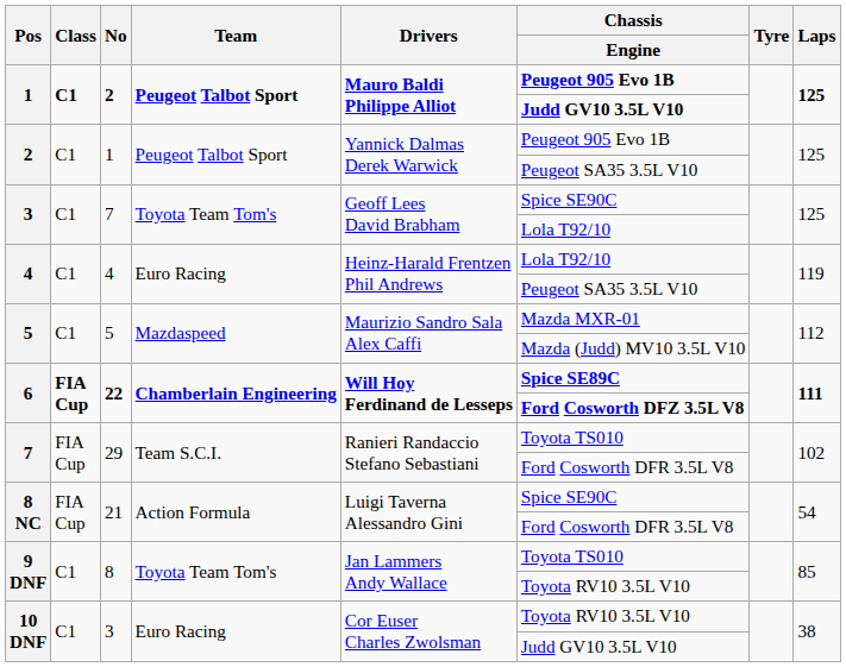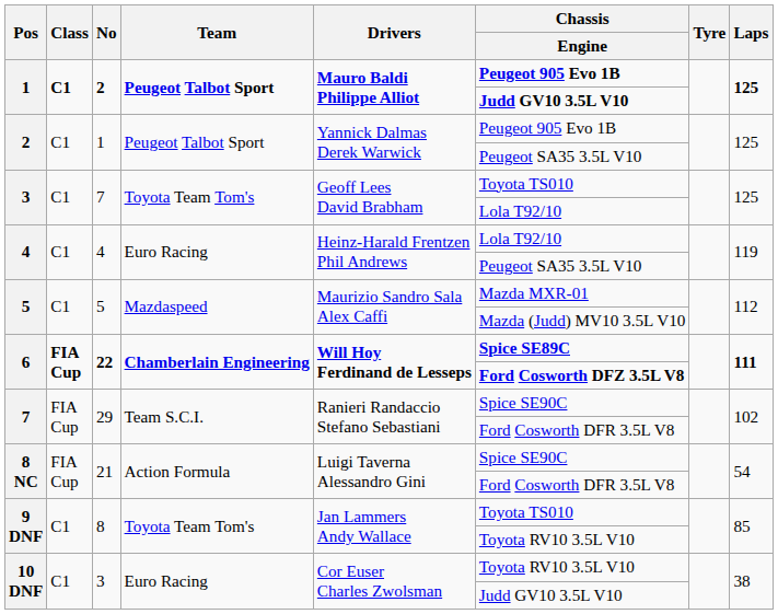 <table class="wikitable" style="font-size: 95%;">
 <tr>
 <th rowspan=2>Pos</th>
 <th rowspan=2>Class</th>
 <th rowspan=2>No</th>
 <th rowspan=2>Team</th>
 <th rowspan=2>Drivers</th>
 <th>Chassis</th>
 <th rowspan=2>Tyre</th>
 <th rowspan=2>Laps</th>
 </tr>
 <tr>
 <th>Engine</th>
 </tr>
 <tr style="font-weight:bold">
 <th rowspan=2>1</th>
 <td rowspan=2>C1</td>
 <td rowspan=2>2</td>
 <td rowspan=2> <a href='#'>Peugeot</a> <a href='#'>Talbot</a> Sport</td>
 <td rowspan=2> <a href='#'>Mauro Baldi</a><br> <a href='#'>Philippe Alliot</a></td>
 <td><a href='#'>Peugeot 905</a> Evo 1B</td>
 <td rowspan=2></td>
 <td rowspan=2>125</td>
 </tr>
 <tr style="font-weight:bold">
 <td><a href='#'>Judd</a> GV10 3.5L V10</td>
 </tr>
 <tr>
 <th rowspan=2>2</th>
 <td rowspan=2>C1</td>
 <td rowspan=2>1</td>
 <td rowspan=2> <a href='#'>Peugeot</a> <a href='#'>Talbot</a> Sport</td>
 <td rowspan=2> <a href='#'>Yannick Dalmas</a><br> <a href='#'>Derek Warwick</a></td>
 <td><a href='#'>Peugeot 905</a> Evo 1B</td>
 <td rowspan=2></td>
 <td rowspan=2>125</td>
 </tr>
 <tr>
 <td><a href='#'>Peugeot</a> SA35 3.5L V10</td>
 </tr>
 <tr>
 <th rowspan=2>3</th>
 <td rowspan=2>C1</td>
 <td rowspan=2>7</td>
 <td rowspan=2> <a href='#'>Toyota</a> Team <a href='#'>Tom's</a></td>
 <td rowspan=2> <a href='#'>Geoff Lees</a><br> <a href='#'>David Brabham</a></td>
-<td><a href='#'>Spice SE90C</a></td>
+<td><a href='#'>Toyota TS010</a></td>
 <td rowspan=2></td>
 <td rowspan=2>125</td>
 </tr>
 <tr>
 <td><a href='#'>Lola T92/10</a></td>
 </tr>
 <tr>
 <th rowspan=2>4</th>
 <td rowspan=2>C1</td>
 <td rowspan=2>4</td>
 <td rowspan=2> Euro Racing</td>
 <td rowspan=2> <a href='#'>Heinz-Harald Frentzen</a><br> <a href='#'>Phil Andrews</a></td>
 <td><a href='#'>Lola T92/10</a></td>
 <td rowspan=2></td>
 <td rowspan=2>119</td>
 </tr>
 <tr>
 <td><a href='#'>Peugeot</a> SA35 3.5L V10</td>
 </tr>
 <tr>
 <th rowspan=2>5</th>
 <td rowspan=2>C1</td>
 <td rowspan=2>5</td>
 <td rowspan=2> <a href='#'>Mazdaspeed</a></td>
 <td rowspan=2> <a href='#'>Maurizio Sandro Sala</a><br> <a href='#'>Alex Caffi</a></td>
 <td><a href='#'>Mazda MXR-01</a></td>
 <td rowspan=2></td>
 <td rowspan=2>112</td>
 </tr>
 <tr>
 <td><a href='#'>Mazda</a> (<a href='#'>Judd</a>) MV10 3.5L V10</td>
 </tr>
 <tr style="font-weight:bold">
 <th rowspan=2>6</th>
 <td rowspan=2>FIA<br>Cup</td>
 <td rowspan=2>22</td>
 <td rowspan=2> <a href='#'>Chamberlain Engineering</a></td>
 <td rowspan=2> <a href='#'>Will Hoy</a><br> Ferdinand de Lesseps</td>
 <td><a href='#'>Spice SE89C</a></td>
 <td rowspan=2></td>
 <td rowspan=2>111</td>
 </tr>
 <tr style="font-weight:bold">
 <td><a href='#'>Ford</a> <a href='#'>Cosworth</a> DFZ 3.5L V8</td>
 </tr>
 <tr>
 <th rowspan=2>7</th>
 <td rowspan=2>FIA<br>Cup</td>
 <td rowspan=2>29</td>
 <td rowspan=2> Team S.C.I.</td>
 <td rowspan=2> Ranieri Randaccio<br> Stefano Sebastiani</td>
-<td><a href='#'>Toyota TS010</a></td>
+<td><a href='#'>Spice SE90C</a></td>
 <td rowspan=2></td>
 <td rowspan=2>102</td>
 </tr>
 <tr>
 <td><a href='#'>Ford</a> <a href='#'>Cosworth</a> DFR 3.5L V8</td>
 </tr>
 <tr>
 <th rowspan=2>8<br>NC</th>
 <td rowspan=2>FIA<br>Cup</td>
 <td rowspan=2>21</td>
 <td rowspan=2> Action Formula</td>
 <td rowspan=2> Luigi Taverna<br> Alessandro Gini</td>
 <td><a href='#'>Spice SE90C</a></td>
 <td rowspan=2></td>
 <td rowspan=2>54</td>
 </tr>
 <tr>
 <td><a href='#'>Ford</a> <a href='#'>Cosworth</a> DFR 3.5L V8</td>
 </tr>
 <tr>
 <th rowspan=2>9<br>DNF</th>
 <td rowspan=2>C1</td>
 <td rowspan=2>8</td>
 <td rowspan=2> <a href='#'>Toyota</a> Team Tom's</td>
 <td rowspan=2> <a href='#'>Jan Lammers</a><br> <a href='#'>Andy Wallace</a></td>
 <td><a href='#'>Toyota TS010</a></td>
 <td rowspan=2></td>
 <td rowspan=2>85</td>
 </tr>
 <tr>
 <td><a href='#'>Toyota</a> RV10 3.5L V10</td>
 </tr>
 <tr>
 <th rowspan=2>10<br>DNF</th>
 <td rowspan=2>C1</td>
 <td rowspan=2>3</td>
 <td rowspan=2> Euro Racing</td>
 <td rowspan=2> <a href='#'>Cor Euser</a><br> <a href='#'>Charles Zwolsman</a></td>
 <td><a href='#'>Toyota</a> RV10 3.5L V10</td>
 <td rowspan=2></td>
 <td rowspan=2>38</td>
 </tr>
 <tr>
 <td><a href='#'>Judd</a> GV10 3.5L V10</td>
 </tr>
 </table>
